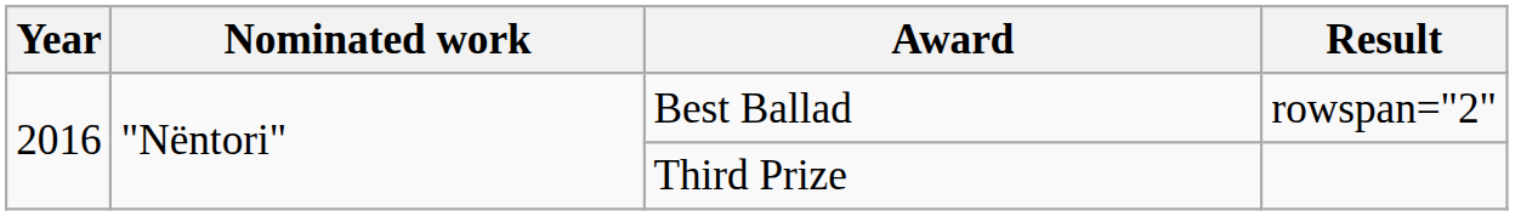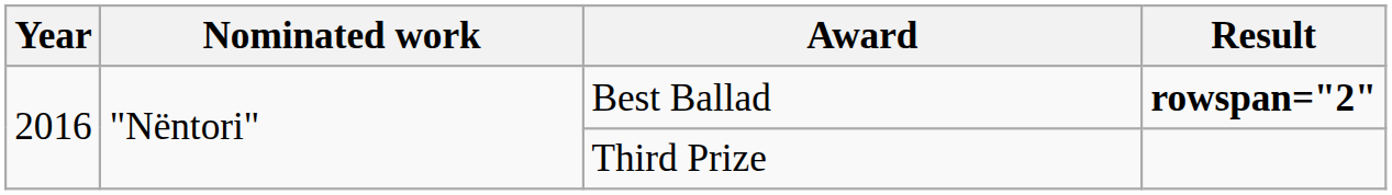 <table class="wikitable">
 <tr>
 <th>Year</th>
 <th scope="col" style="width:12em;">Nominated work</th>
 <th scope="col" style="width:14em;">Award</th>
 <th>Result</th>
 </tr>
 <tr>
 <td rowspan="2">2016</td>
 <td rowspan="2">"Nëntori"</td>
 <td>Best Ballad</td>
-<td>rowspan="2" </td>
+<td><strong>rowspan="2" </strong></td>
 </tr>
 <tr>
 <td>Third Prize</td>
 </tr>
 </table>
